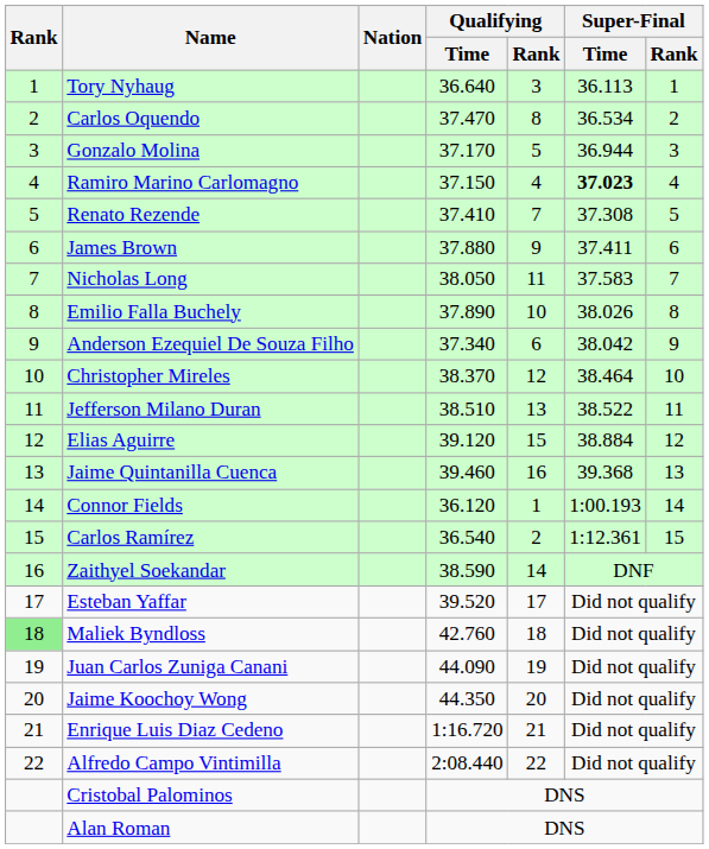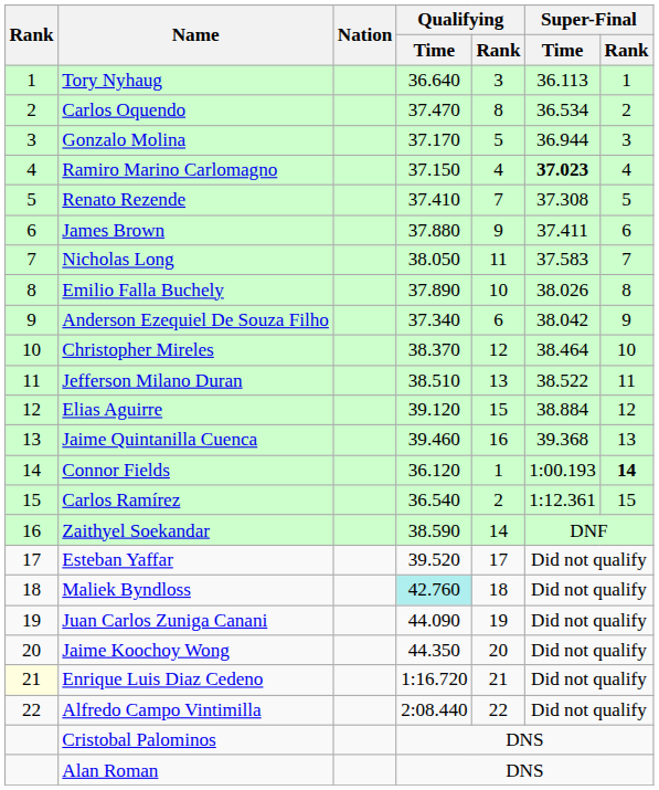 <table class="wikitable sortable" style="text-align:center">
 <tr>
 <th rowspan="2">Rank</th>
 <th rowspan="2">Name</th>
 <th rowspan="2">Nation</th>
 <th colspan="2">Qualifying</th>
 <th colspan="2">Super-Final</th>
 </tr>
 <tr>
 <th>Time</th>
 <th>Rank</th>
 <th>Time</th>
 <th>Rank</th>
 </tr>
 <tr bgcolor=ccffcc>
 <td>1</td>
 <td align=left><a href='#'>Tory Nyhaug</a></td>
 <td align=left></td>
 <td>36.640</td>
 <td>3</td>
 <td>36.113</td>
 <td>1</td>
 </tr>
 <tr bgcolor=ccffcc>
 <td>2</td>
 <td align=left><a href='#'>Carlos Oquendo</a></td>
 <td align=left></td>
 <td>37.470</td>
 <td>8</td>
 <td>36.534</td>
 <td>2</td>
 </tr>
 <tr bgcolor=ccffcc>
 <td>3</td>
 <td align=left><a href='#'>Gonzalo Molina</a></td>
 <td align=left></td>
 <td>37.170</td>
 <td>5</td>
 <td>36.944</td>
 <td>3</td>
 </tr>
 <tr bgcolor=ccffcc>
 <td>4</td>
 <td align=left><a href='#'>Ramiro Marino Carlomagno</a></td>
 <td align=left></td>
 <td>37.150</td>
 <td>4</td>
 <td><strong>37.023</strong></td>
 <td>4</td>
 </tr>
 <tr bgcolor=ccffcc>
 <td>5</td>
 <td align=left><a href='#'>Renato Rezende</a></td>
 <td align=left></td>
 <td>37.410</td>
 <td>7</td>
 <td>37.308</td>
 <td>5</td>
 </tr>
 <tr bgcolor=ccffcc>
 <td>6</td>
 <td align=left><a href='#'>James Brown</a></td>
 <td align=left></td>
 <td>37.880</td>
 <td>9</td>
 <td>37.411</td>
 <td>6</td>
 </tr>
 <tr bgcolor=ccffcc>
 <td>7</td>
 <td align=left><a href='#'>Nicholas Long</a></td>
 <td align=left></td>
 <td>38.050</td>
 <td>11</td>
 <td>37.583</td>
 <td>7</td>
 </tr>
 <tr bgcolor=ccffcc>
 <td>8</td>
 <td align=left><a href='#'>Emilio Falla Buchely</a></td>
 <td align=left></td>
 <td>37.890</td>
 <td>10</td>
 <td>38.026</td>
 <td>8</td>
 </tr>
 <tr bgcolor=ccffcc>
 <td>9</td>
 <td align=left><a href='#'>Anderson Ezequiel De Souza Filho</a></td>
 <td align=left></td>
 <td>37.340</td>
 <td>6</td>
 <td>38.042</td>
 <td>9</td>
 </tr>
 <tr bgcolor=ccffcc>
 <td>10</td>
 <td align=left><a href='#'>Christopher Mireles</a></td>
 <td align=left></td>
 <td>38.370</td>
 <td>12</td>
 <td>38.464</td>
 <td>10</td>
 </tr>
 <tr bgcolor=ccffcc>
 <td>11</td>
 <td align=left><a href='#'>Jefferson Milano Duran</a></td>
 <td align=left></td>
 <td>38.510</td>
 <td>13</td>
 <td>38.522</td>
 <td>11</td>
 </tr>
 <tr bgcolor=ccffcc>
 <td>12</td>
 <td align=left><a href='#'>Elias Aguirre</a></td>
 <td align=left></td>
 <td>39.120</td>
 <td>15</td>
 <td>38.884</td>
 <td>12</td>
 </tr>
 <tr bgcolor=ccffcc>
 <td>13</td>
 <td align=left><a href='#'>Jaime Quintanilla Cuenca</a></td>
 <td align=left></td>
 <td>39.460</td>
 <td>16</td>
 <td>39.368</td>
 <td>13</td>
 </tr>
 <tr bgcolor=ccffcc>
 <td>14</td>
 <td align=left><a href='#'>Connor Fields</a></td>
 <td align=left></td>
 <td>36.120</td>
 <td>1</td>
 <td>1:00.193</td>
-<td>14</td>
+<td><strong>14</strong></td>
 </tr>
 <tr bgcolor=ccffcc>
 <td>15</td>
 <td align=left><a href='#'>Carlos Ramírez</a></td>
 <td align=left></td>
 <td>36.540</td>
 <td>2</td>
 <td>1:12.361</td>
 <td>15</td>
 </tr>
 <tr bgcolor=ccffcc>
 <td>16</td>
 <td align=left><a href='#'>Zaithyel Soekandar</a></td>
 <td align=left></td>
 <td>38.590</td>
 <td>14</td>
 <td colspan=2>DNF</td>
 </tr>
 <tr>
 <td>17</td>
 <td align=left><a href='#'>Esteban Yaffar</a></td>
 <td align=left></td>
 <td>39.520</td>
 <td>17</td>
 <td colspan=2>Did not qualify</td>
 </tr>
 <tr>
-<td style="background: lightgreen;">18</td>
+<td>18</td>
 <td align=left><a href='#'>Maliek Byndloss</a></td>
 <td align=left></td>
-<td>42.760</td>
+<td style="background: paleturquoise;">42.760</td>
 <td>18</td>
 <td colspan=2>Did not qualify</td>
 </tr>
 <tr>
 <td>19</td>
 <td align=left><a href='#'>Juan Carlos Zuniga Canani</a></td>
 <td align=left></td>
 <td>44.090</td>
 <td>19</td>
 <td colspan=2>Did not qualify</td>
 </tr>
 <tr>
 <td>20</td>
 <td align=left><a href='#'>Jaime Koochoy Wong</a></td>
 <td align=left></td>
 <td>44.350</td>
 <td>20</td>
 <td colspan=2>Did not qualify</td>
 </tr>
 <tr>
-<td>21</td>
+<td style="background: lightyellow;">21</td>
 <td align=left><a href='#'>Enrique Luis Diaz Cedeno</a></td>
 <td align=left></td>
 <td>1:16.720</td>
 <td>21</td>
 <td colspan=2>Did not qualify</td>
 </tr>
 <tr>
 <td>22</td>
 <td align=left><a href='#'>Alfredo Campo Vintimilla</a></td>
 <td align=left></td>
 <td>2:08.440</td>
 <td>22</td>
 <td colspan=2>Did not qualify</td>
 </tr>
 <tr>
 <td></td>
 <td align=left><a href='#'>Cristobal Palominos</a></td>
 <td align=left></td>
 <td colspan=4>DNS</td>
 </tr>
 <tr>
 <td></td>
 <td align=left><a href='#'>Alan Roman</a></td>
 <td align=left></td>
 <td colspan=4>DNS</td>
 </tr>
 </table>
